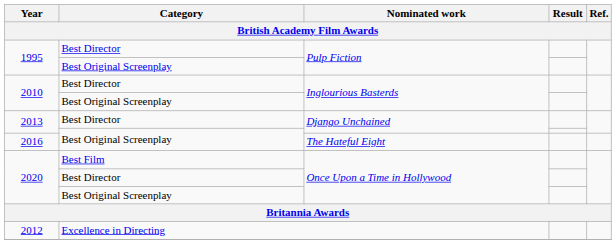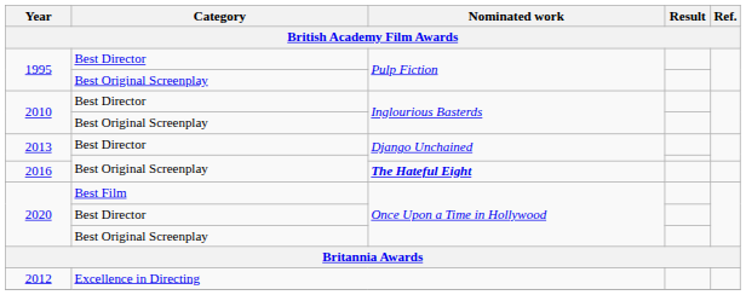 <table class="wikitable sortable plainrowheaders" Style=font-size:98%>
 <tr>
 <th scope="col" style="width:9%;">Year</th>
 <th scope="col" style="width:20em;">Category</th>
 <th scope="col" style="width:20em;">Nominated work</th>
 <th scope="col" style="width:2em;">Result</th>
 <th scope="col" style="width:4%;" class="unsortable">Ref.</th>
 </tr>
 <tr>
 <th colspan=5><a href='#'>British Academy Film Awards</a></th>
 </tr>
 <tr>
 <td style="text-align:center;", rowspan=2><a href='#'>1995</a></td>
 <td><a href='#'>Best Director</a></td>
 <td rowspan=2><em><a href='#'>Pulp Fiction</a></em></td>
 <td></td>
 <td style="text-align:center;", rowspan=2></td>
 </tr>
 <tr>
 <td><a href='#'>Best Original Screenplay</a></td>
 <td></td>
 </tr>
 <tr>
 <td style="text-align:center;", rowspan=2><a href='#'>2010</a></td>
 <td>Best Director</td>
 <td rowspan=2><em><a href='#'>Inglourious Basterds</a></em></td>
 <td></td>
 <td style="text-align:center;", rowspan=2></td>
 </tr>
 <tr>
 <td>Best Original Screenplay</td>
 <td></td>
 </tr>
 <tr>
 <td style="text-align:center;", rowspan=2><a href='#'>2013</a></td>
 <td>Best Director</td>
 <td rowspan=2><em><a href='#'>Django Unchained</a></em></td>
 <td></td>
 <td style="text-align:center;", rowspan=2></td>
 </tr>
 <tr>
 <td rowspan=2>Best Original Screenplay</td>
 <td></td>
 </tr>
 <tr>
 <td style="text-align:center;"><a href='#'>2016</a></td>
-<td><em><a href='#'>The Hateful Eight</a></em></td>
+<td><strong><em><a href='#'>The Hateful Eight</a></em></strong></td>
 <td></td>
 <td style="text-align:center;"></td>
 </tr>
 <tr>
 <td style="text-align:center;", rowspan=3><a href='#'>2020</a></td>
 <td><a href='#'>Best Film</a></td>
 <td rowspan=3><em><a href='#'>Once Upon a Time in Hollywood</a></em></td>
 <td></td>
 <td style="text-align:center;", rowspan=3></td>
 </tr>
 <tr>
 <td>Best Director</td>
 <td></td>
 </tr>
 <tr>
 <td>Best Original Screenplay</td>
 <td></td>
 </tr>
 <tr>
 <th colspan=5><a href='#'>Britannia Awards</a></th>
 </tr>
 <tr>
 <td style="text-align:center;"><a href='#'>2012</a></td>
 <td colspan=2><a href='#'>Excellence in Directing</a></td>
 <td></td>
 <td style="text-align:center;"></td>
 </tr>
 <tr>
 </tr>
 </table>
